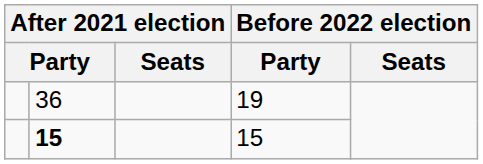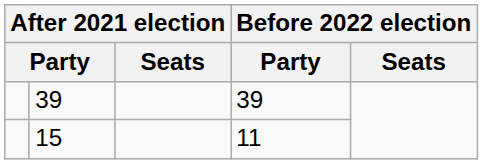 <table class="wikitable">
 <tr>
 <th colspan="3">After 2021 election</th>
 <th colspan="3">Before 2022 election</th>
 </tr>
 <tr>
 <th colspan="2">Party</th>
 <th>Seats</th>
 <th colspan="2">Party</th>
 <th>Seats</th>
 </tr>
 <tr>
 <td></td>
-<td>36</td>
+<td>39</td>
 <td></td>
-<td>19</td>
+<td>39</td>
 </tr>
 <tr>
 <td></td>
-<td><strong>15</strong></td>
+<td>15</td>
 <td></td>
-<td>15</td>
+<td>11</td>
 </tr>
 </table>
